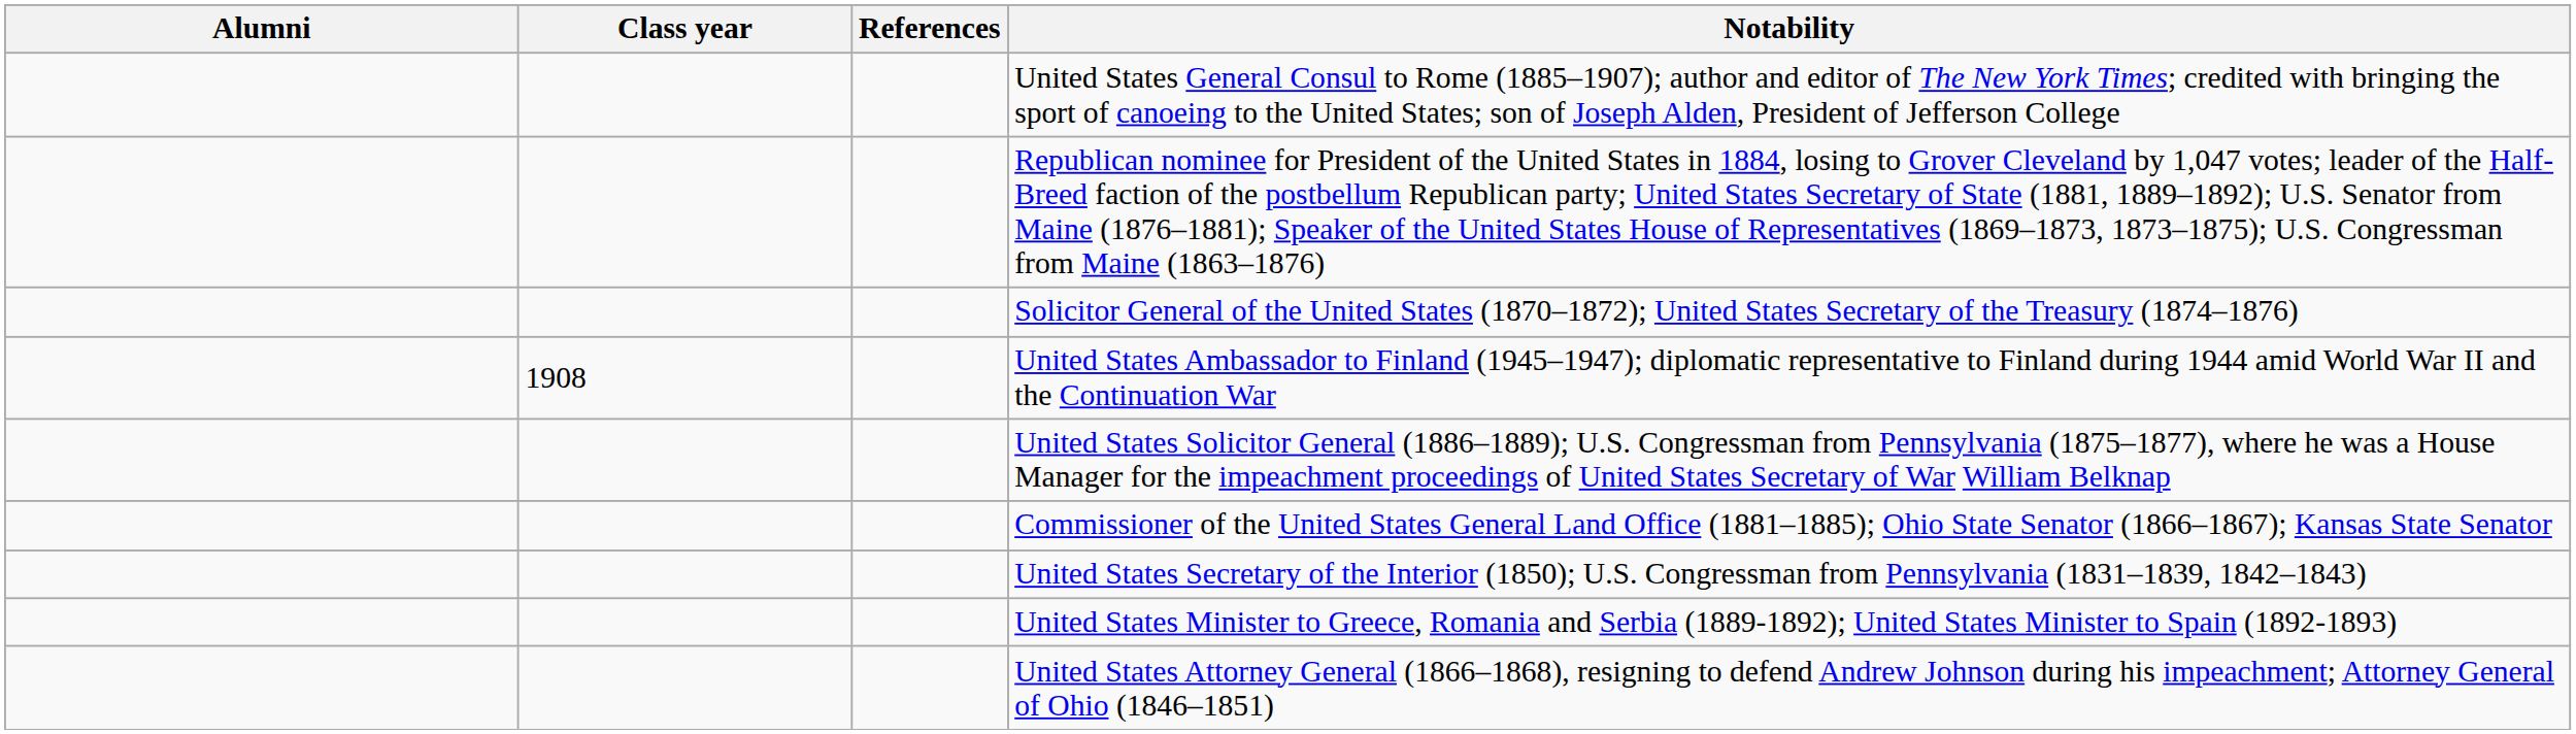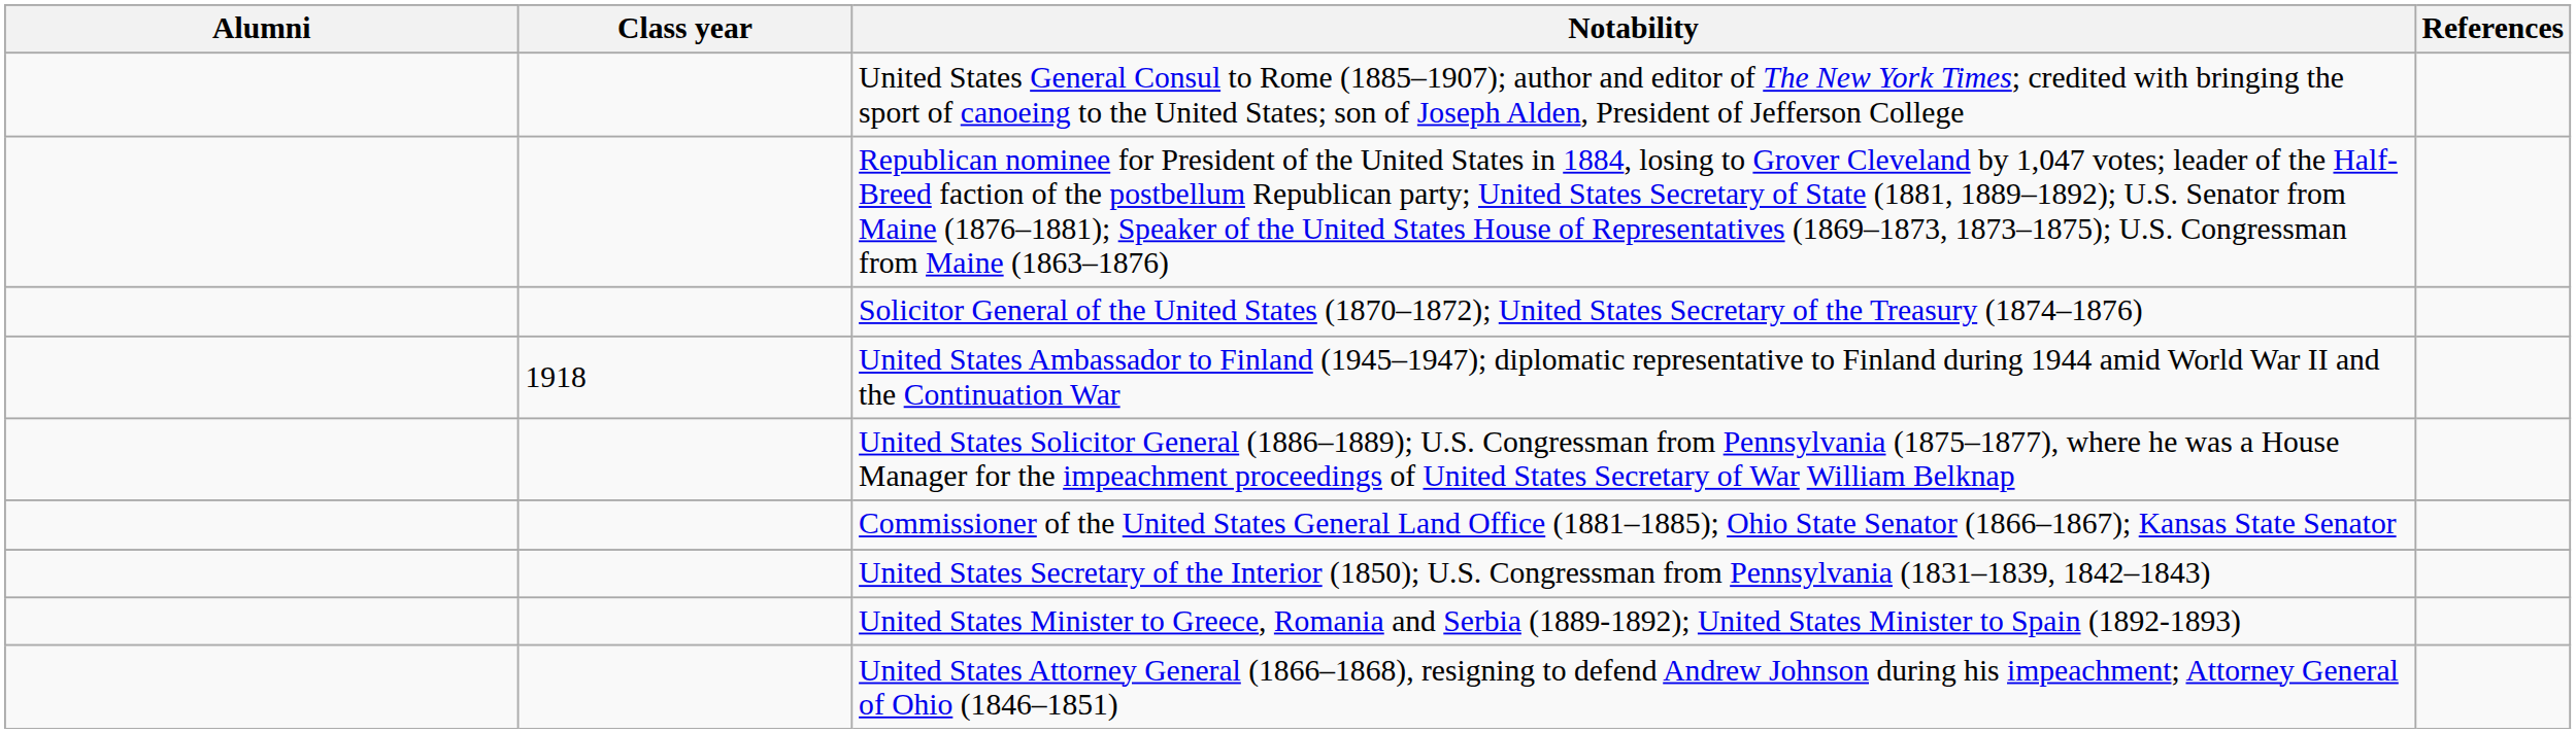 <table class="wikitable sortable col2center col4center vertical-align-top" width=85%>
 <tr>
 <th width="20%">Alumni</th>
 <th width="13%">Class year</th>
+<th width="*" class="unsortable">Notability</th>
 <th width="4%" class="unsortable">References</th>
-<th width="*" class="unsortable">Notability</th>
 </tr>
 <tr>
 <td></td>
 <td></td>
+<td>United States <a href='#'>General Consul</a> to Rome (1885–1907); author and editor of <em><a href='#'>The New York Times</a></em>; credited with bringing the sport of <a href='#'>canoeing</a> to the United States; son of <a href='#'>Joseph Alden</a>, President of Jefferson College</td>
 <td></td>
-<td>United States <a href='#'>General Consul</a> to Rome (1885–1907); author and editor of <em><a href='#'>The New York Times</a></em>; credited with bringing the sport of <a href='#'>canoeing</a> to the United States; son of <a href='#'>Joseph Alden</a>, President of Jefferson College</td>
 </tr>
 <tr>
 <td></td>
 <td></td>
+<td><a href='#'>Republican nominee</a> for President of the United States in <a href='#'>1884</a>, losing to <a href='#'>Grover Cleveland</a> by 1,047 votes; leader of the <a href='#'>Half-Breed</a> faction of the <a href='#'>postbellum</a> Republican party; <a href='#'>United States Secretary of State</a> (1881, 1889–1892); U.S. Senator from <a href='#'>Maine</a> (1876–1881); <a href='#'>Speaker of the United States House of Representatives</a> (1869–1873, 1873–1875); U.S. Congressman from <a href='#'>Maine</a> (1863–1876)</td>
 <td></td>
-<td><a href='#'>Republican nominee</a> for President of the United States in <a href='#'>1884</a>, losing to <a href='#'>Grover Cleveland</a> by 1,047 votes; leader of the <a href='#'>Half-Breed</a> faction of the <a href='#'>postbellum</a> Republican party; <a href='#'>United States Secretary of State</a> (1881, 1889–1892); U.S. Senator from <a href='#'>Maine</a> (1876–1881); <a href='#'>Speaker of the United States House of Representatives</a> (1869–1873, 1873–1875); U.S. Congressman from <a href='#'>Maine</a> (1863–1876)</td>
 </tr>
 <tr>
 <td></td>
 <td></td>
+<td><a href='#'>Solicitor General of the United States</a> (1870–1872); <a href='#'>United States Secretary of the Treasury</a> (1874–1876)</td>
 <td></td>
-<td><a href='#'>Solicitor General of the United States</a> (1870–1872); <a href='#'>United States Secretary of the Treasury</a> (1874–1876)</td>
 </tr>
 <tr>
 <td></td>
-<td>1908</td>
+<td>1918</td>
+<td><a href='#'>United States Ambassador to Finland</a> (1945–1947); diplomatic representative to Finland during 1944 amid World War II and the <a href='#'>Continuation War</a></td>
 <td></td>
-<td><a href='#'>United States Ambassador to Finland</a> (1945–1947); diplomatic representative to Finland during 1944 amid World War II and the <a href='#'>Continuation War</a></td>
 </tr>
 <tr>
 <td></td>
 <td></td>
+<td><a href='#'>United States Solicitor General</a> (1886–1889); U.S. Congressman from <a href='#'>Pennsylvania</a> (1875–1877), where he was a House Manager for the <a href='#'>impeachment proceedings</a> of <a href='#'>United States Secretary of War</a> <a href='#'>William Belknap</a></td>
 <td></td>
-<td><a href='#'>United States Solicitor General</a> (1886–1889); U.S. Congressman from <a href='#'>Pennsylvania</a> (1875–1877), where he was a House Manager for the <a href='#'>impeachment proceedings</a> of <a href='#'>United States Secretary of War</a> <a href='#'>William Belknap</a></td>
 </tr>
 <tr>
 <td></td>
 <td></td>
+<td><a href='#'>Commissioner</a> of the <a href='#'>United States General Land Office</a> (1881–1885); <a href='#'>Ohio State Senator</a> (1866–1867); <a href='#'>Kansas State Senator</a></td>
 <td></td>
-<td><a href='#'>Commissioner</a> of the <a href='#'>United States General Land Office</a> (1881–1885); <a href='#'>Ohio State Senator</a> (1866–1867); <a href='#'>Kansas State Senator</a></td>
 </tr>
 <tr>
 <td></td>
 <td></td>
+<td><a href='#'>United States Secretary of the Interior</a> (1850); U.S. Congressman from <a href='#'>Pennsylvania</a> (1831–1839, 1842–1843)</td>
 <td></td>
-<td><a href='#'>United States Secretary of the Interior</a> (1850); U.S. Congressman from <a href='#'>Pennsylvania</a> (1831–1839, 1842–1843)</td>
 </tr>
 <tr>
 <td></td>
 <td></td>
+<td><a href='#'>United States Minister to Greece</a>, <a href='#'>Romania</a> and <a href='#'>Serbia</a> (1889-1892); <a href='#'>United States Minister to Spain</a> (1892-1893)</td>
 <td></td>
-<td><a href='#'>United States Minister to Greece</a>, <a href='#'>Romania</a> and <a href='#'>Serbia</a> (1889-1892); <a href='#'>United States Minister to Spain</a> (1892-1893)</td>
 </tr>
 <tr>
 <td></td>
 <td></td>
+<td><a href='#'>United States Attorney General</a> (1866–1868), resigning to defend <a href='#'>Andrew Johnson</a> during his <a href='#'>impeachment</a>; <a href='#'>Attorney General of Ohio</a> (1846–1851)</td>
 <td></td>
-<td><a href='#'>United States Attorney General</a> (1866–1868), resigning to defend <a href='#'>Andrew Johnson</a> during his <a href='#'>impeachment</a>; <a href='#'>Attorney General of Ohio</a> (1846–1851)</td>
 </tr>
 </table>
